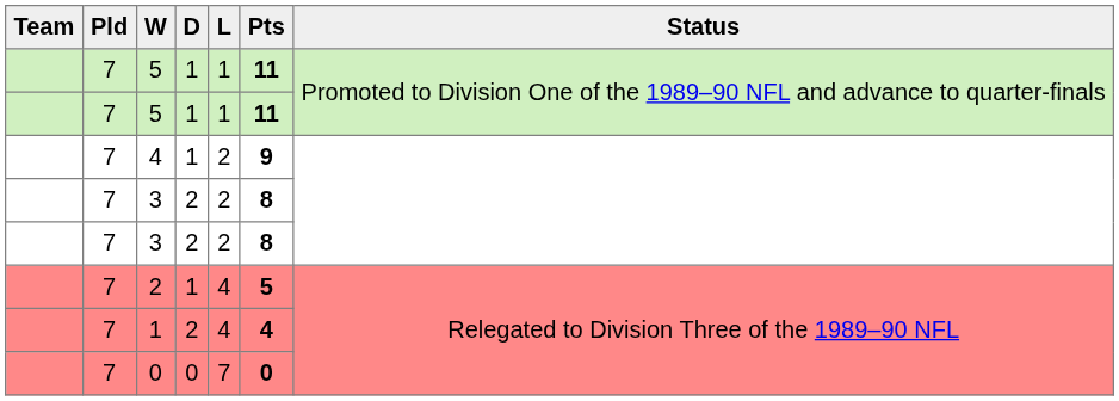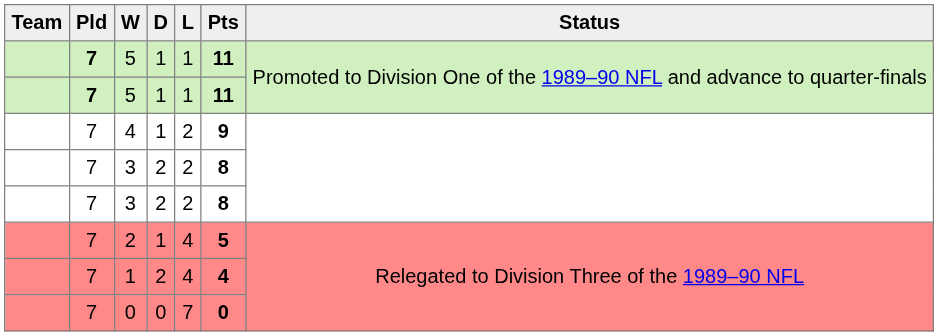 <table style=border-collapse:collapse border=1 cellspacing=0 cellpadding=5>
 <tr align=center bgcolor=#efefef>
 <th>Team</th>
 <th>Pld</th>
 <th>W</th>
 <th>D</th>
 <th>L</th>
 <th>Pts</th>
 <th>Status</th>
 </tr>
 <tr align=center style="background:#D0F0C0;">
 <td style="text-align:left;"> </td>
-<td>7</td>
+<td><strong>7</strong></td>
 <td>5</td>
 <td>1</td>
 <td>1</td>
 <td><strong>11</strong></td>
 <td rowspan=2>Promoted to Division One of the <a href='#'>1989–90 NFL</a> and advance to quarter-finals</td>
 </tr>
 <tr align=center style="background:#D0F0C0;">
 <td style="text-align:left;"> </td>
-<td>7</td>
+<td><strong>7</strong></td>
 <td>5</td>
 <td>1</td>
 <td>1</td>
 <td><strong>11</strong></td>
 </tr>
 <tr align=center style="background:#FFFFFF;">
 <td style="text-align:left;"> </td>
 <td>7</td>
 <td>4</td>
 <td>1</td>
 <td>2</td>
 <td><strong>9</strong></td>
 <td rowspan=3></td>
 </tr>
 <tr align=center style="background:#FFFFFF;">
 <td style="text-align:left;"> </td>
 <td>7</td>
 <td>3</td>
 <td>2</td>
 <td>2</td>
 <td><strong>8</strong></td>
 </tr>
 <tr align=center style="background:#FFFFFF;">
 <td style="text-align:left;"> </td>
 <td>7</td>
 <td>3</td>
 <td>2</td>
 <td>2</td>
 <td><strong>8</strong></td>
 </tr>
 <tr align=center style="background:#FF8888;">
 <td style="text-align:left;"> </td>
 <td>7</td>
 <td>2</td>
 <td>1</td>
 <td>4</td>
 <td><strong>5</strong></td>
 <td rowspan=3>Relegated to Division Three of the <a href='#'>1989–90 NFL</a></td>
 </tr>
 <tr align=center style="background:#FF8888;">
 <td style="text-align:left;"> </td>
 <td>7</td>
 <td>1</td>
 <td>2</td>
 <td>4</td>
 <td><strong>4</strong></td>
 </tr>
 <tr align=center style="background:#FF8888;">
 <td style="text-align:left;"> </td>
 <td>7</td>
 <td>0</td>
 <td>0</td>
 <td>7</td>
 <td><strong>0</strong></td>
 </tr>
 </table>
